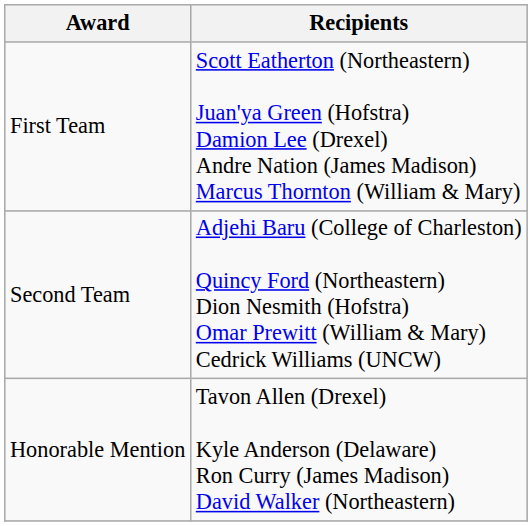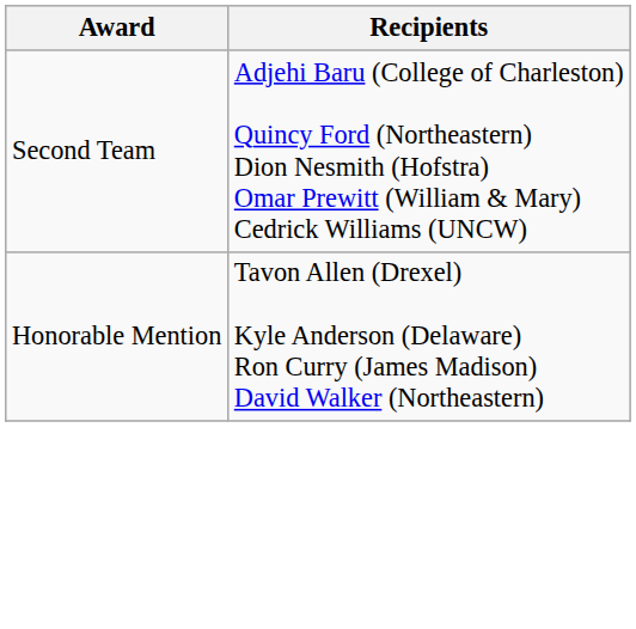 <table class="wikitable" style="white-space:nowrap; font-size:90%;">
 <tr>
 <th>Award</th>
 <th>Recipients</th>
-</tr>
-<tr>
-<td>First Team</td>
-<td><a href='#'>Scott Eatherton</a> (Northeastern)<br><br><a href='#'>Juan'ya Green</a> (Hofstra)<br> <a href='#'>Damion Lee</a> (Drexel)<br> Andre Nation (James Madison)<br> <a href='#'>Marcus Thornton</a> (William & Mary)</td>
 </tr>
 <tr>
 <td>Second Team</td>
 <td><a href='#'>Adjehi Baru</a> (College of Charleston)<br><br><a href='#'>Quincy Ford</a> (Northeastern)<br> Dion Nesmith (Hofstra)<br> <a href='#'>Omar Prewitt</a> (William & Mary)<br> Cedrick Williams (UNCW)</td>
 </tr>
 <tr>
 <td>Honorable Mention</td>
 <td>Tavon Allen (Drexel)<br><br>Kyle Anderson (Delaware)<br> Ron Curry (James Madison)<br> <a href='#'>David Walker</a> (Northeastern)<br></td>
 </tr>
 </table>
